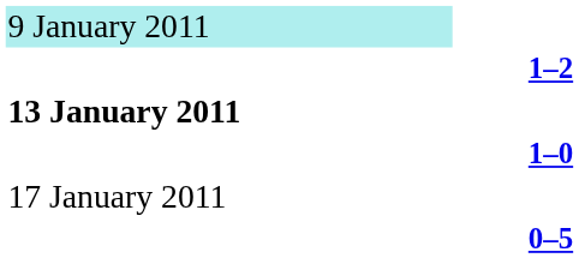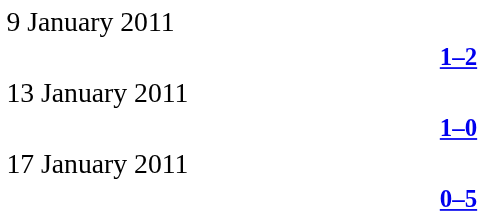 <table style="width:70%;" cellspacing="1">
 <tr>
 <th width=35%></th>
 <th width=15%></th>
 <th></th>
 </tr>
 <tr>
-<td style="background: paleturquoise;">9 January 2011</td>
+<td>9 January 2011</td>
 </tr>
 <tr style=font-size:90%>
 <td align=right><strong></strong></td>
 <td align=center><strong><a href='#'>1–2</a></strong></td>
 <td><strong></strong></td>
 </tr>
 <tr>
-<td><strong>13 January 2011</strong></td>
+<td>13 January 2011</td>
 </tr>
 <tr style=font-size:90%>
 <td align=right><strong></strong></td>
 <td align=center><strong><a href='#'>1–0</a></strong></td>
 <td><strong></strong></td>
 </tr>
 <tr>
 <td>17 January 2011</td>
 </tr>
 <tr style=font-size:90%>
 <td align=right><strong></strong></td>
 <td align=center><strong><a href='#'>0–5</a></strong></td>
 <td><strong></strong></td>
 </tr>
 </table>
